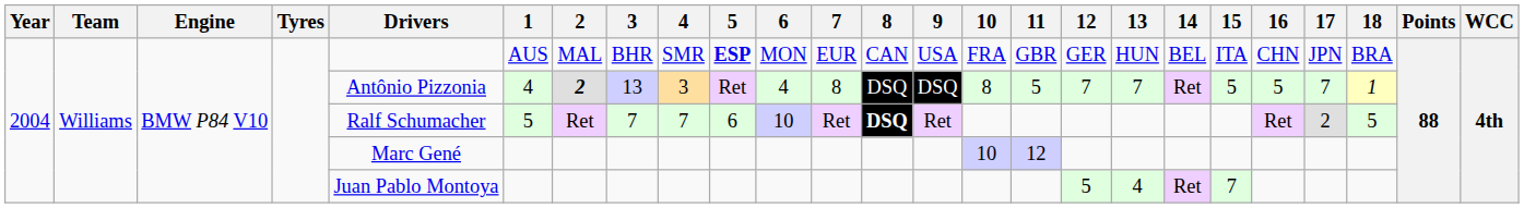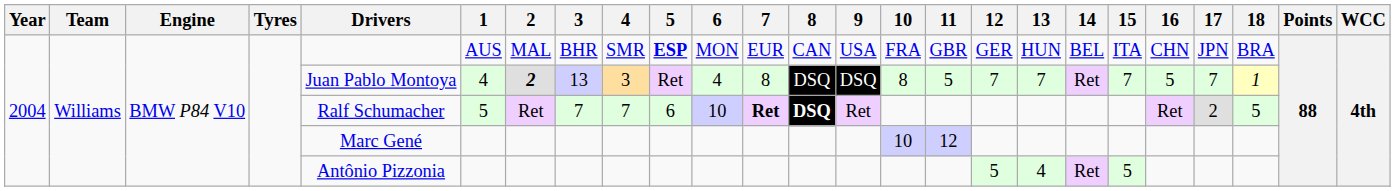 <table class="wikitable" style="text-align:center; font-size:95%">
 <tr>
 <th>Year</th>
 <th>Team</th>
 <th>Engine</th>
 <th>Tyres</th>
 <th>Drivers</th>
 <th>1</th>
 <th>2</th>
 <th>3</th>
 <th>4</th>
 <th>5</th>
 <th>6</th>
 <th>7</th>
 <th>8</th>
 <th>9</th>
 <th>10</th>
 <th>11</th>
 <th>12</th>
 <th>13</th>
 <th>14</th>
 <th>15</th>
 <th>16</th>
 <th>17</th>
 <th>18</th>
 <th>Points</th>
 <th>WCC</th>
 </tr>
 <tr>
 <td rowspan="5"><a href='#'>2004</a></td>
 <td rowspan="5"><a href='#'>Williams</a></td>
 <td rowspan="5"><a href='#'>BMW</a> <em>P84</em> <a href='#'>V10</a></td>
 <td rowspan="5"></td>
 <td></td>
 <td><a href='#'>AUS</a></td>
 <td><a href='#'>MAL</a></td>
 <td><a href='#'>BHR</a></td>
 <td><a href='#'>SMR</a></td>
 <td><strong><a href='#'>ESP</a></strong></td>
 <td><a href='#'>MON</a></td>
 <td><a href='#'>EUR</a></td>
 <td><a href='#'>CAN</a></td>
 <td><a href='#'>USA</a></td>
 <td><a href='#'>FRA</a></td>
 <td><a href='#'>GBR</a></td>
 <td><a href='#'>GER</a></td>
 <td><a href='#'>HUN</a></td>
 <td><a href='#'>BEL</a></td>
 <td><a href='#'>ITA</a></td>
 <td><a href='#'>CHN</a></td>
 <td><a href='#'>JPN</a></td>
 <td><a href='#'>BRA</a></td>
 <th rowspan="5">88</th>
 <th rowspan="5">4th</th>
 </tr>
 <tr>
-<td> <a href='#'>Antônio Pizzonia</a></td>
+<td> <a href='#'>Juan Pablo Montoya</a></td>
 <td style="background:#dfffdf;">4</td>
 <td style="background:#dfdfdf;"><strong><em>2</em></strong></td>
 <td style="background:#cfcfff;">13</td>
 <td style="background:#ffdf9f;">3</td>
 <td style="background:#efcfff;">Ret</td>
 <td style="background:#dfffdf;">4</td>
 <td style="background:#dfffdf;">8</td>
 <td style="background:#000000; color:white">DSQ</td>
 <td style="background:#000000; color:white">DSQ</td>
 <td style="background:#dfffdf;">8</td>
 <td style="background:#dfffdf;">5</td>
 <td style="background:#dfffdf;">7</td>
 <td style="background:#dfffdf;">7</td>
 <td style="background:#efcfff;">Ret</td>
-<td style="background:#dfffdf;">5</td>
+<td style="background:#dfffdf;">7</td>
 <td style="background:#dfffdf;">5</td>
 <td style="background:#dfffdf;">7</td>
 <td style="background:#ffffbf;"><em>1</em></td>
 </tr>
 <tr>
 <td> <a href='#'>Ralf Schumacher</a></td>
 <td style="background:#dfffdf;">5</td>
 <td style="background:#efcfff;">Ret</td>
 <td style="background:#dfffdf;">7</td>
 <td style="background:#dfffdf;">7</td>
 <td style="background:#dfffdf;">6</td>
 <td style="background:#cfcfff;">10</td>
-<td style="background:#efcfff;">Ret</td>
+<td style="background:#efcfff;"><strong>Ret</strong></td>
 <td style="background:#000000; color:white"><strong>DSQ</strong></td>
 <td style="background:#efcfff;">Ret</td>
 <td></td>
 <td></td>
 <td></td>
 <td></td>
 <td></td>
 <td></td>
 <td style="background:#efcfff;">Ret</td>
 <td style="background:#dfdfdf;">2</td>
 <td style="background:#dfffdf;">5</td>
 </tr>
 <tr>
 <td> <a href='#'>Marc Gené</a></td>
 <td></td>
 <td></td>
 <td></td>
 <td></td>
 <td></td>
 <td></td>
 <td></td>
 <td></td>
 <td></td>
 <td style="background:#cfcfff;">10</td>
 <td style="background:#cfcfff;">12</td>
 <td></td>
 <td></td>
 <td></td>
 <td></td>
 <td></td>
 <td></td>
 <td></td>
 </tr>
 <tr>
-<td> <a href='#'>Juan Pablo Montoya</a></td>
+<td> <a href='#'>Antônio Pizzonia</a></td>
 <td></td>
 <td></td>
 <td></td>
 <td></td>
 <td></td>
 <td></td>
 <td></td>
 <td></td>
 <td></td>
 <td></td>
 <td></td>
 <td style="background:#dfffdf;">5</td>
 <td style="background:#dfffdf;">4</td>
 <td style="background:#efcfff;">Ret</td>
-<td style="background:#dfffdf;">7</td>
+<td style="background:#dfffdf;">5</td>
 <td></td>
 <td></td>
 <td></td>
 </tr>
 </table>
